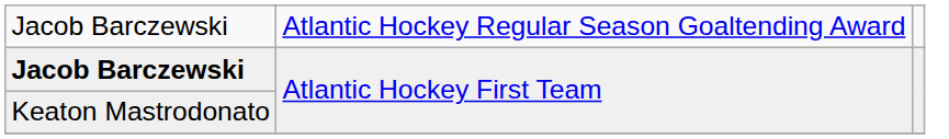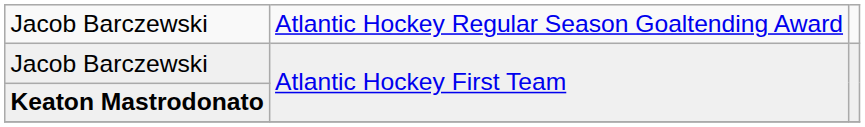 <table class="wikitable">
 <tr>
 <td>Jacob Barczewski</td>
 <td><a href='#'>Atlantic Hockey Regular Season Goaltending Award</a></td>
 <td></td>
 </tr>
 <tr bgcolor=f0f0f0>
-<td><strong>Jacob Barczewski</strong></td>
+<td>Jacob Barczewski</td>
 <td rowspan=2><a href='#'>Atlantic Hockey First Team</a></td>
 <td rowspan=2></td>
 </tr>
 <tr bgcolor=f0f0f0>
-<td>Keaton Mastrodonato</td>
+<td><strong>Keaton Mastrodonato</strong></td>
 </tr>
 <tr>
 </tr>
 </table>
